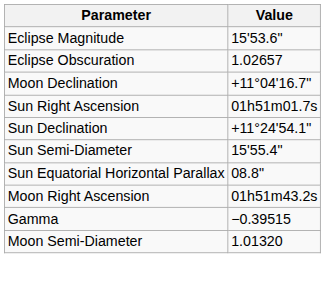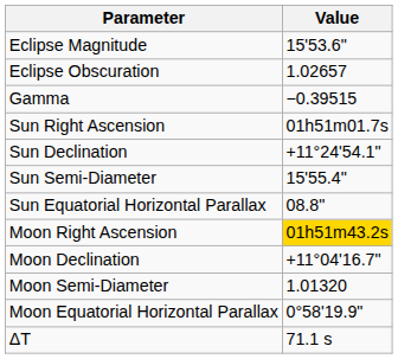 <table class="wikitable">
 <tr>
 <th>Parameter</th>
 <th>Value</th>
 </tr>
 <tr>
 <td>Eclipse Magnitude</td>
 <td>15'53.6"</td>
 </tr>
 <tr>
 <td>Eclipse Obscuration</td>
 <td>1.02657</td>
 </tr>
 <tr>
-<td>Moon Declination</td>
-<td>+11°04'16.7"</td>
+<td>Gamma</td>
+<td>−0.39515</td>
 </tr>
 <tr>
 <td>Sun Right Ascension</td>
 <td>01h51m01.7s</td>
 </tr>
 <tr>
 <td>Sun Declination</td>
 <td>+11°24'54.1"</td>
 </tr>
 <tr>
 <td>Sun Semi-Diameter</td>
 <td>15'55.4"</td>
 </tr>
 <tr>
 <td>Sun Equatorial Horizontal Parallax</td>
 <td>08.8"</td>
 </tr>
 <tr>
 <td>Moon Right Ascension</td>
-<td>01h51m43.2s</td>
+<td style="background: gold;">01h51m43.2s</td>
 </tr>
 <tr>
-<td>Gamma</td>
-<td>−0.39515</td>
+<td>Moon Declination</td>
+<td>+11°04'16.7"</td>
 </tr>
 <tr>
 <td>Moon Semi-Diameter</td>
 <td>1.01320</td>
 </tr>
+<tr>
+<td>Moon Equatorial Horizontal Parallax</td>
+<td>0°58'19.9"</td>
+</tr>
+<tr>
+<td>ΔT</td>
+<td>71.1 s</td>
+</tr>
 </table>
